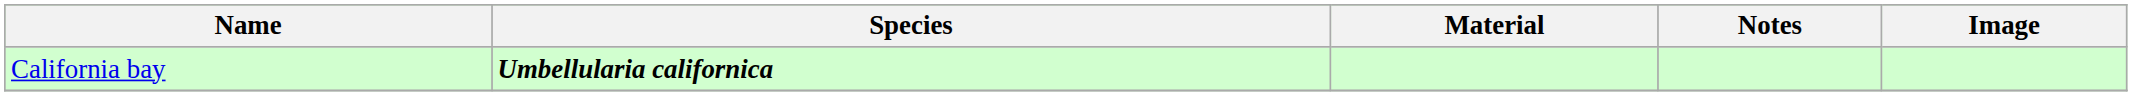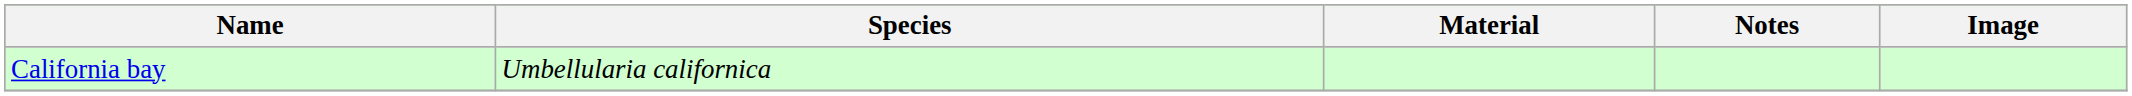 <table class="wikitable" align="center" width="100%" style="background:#D1FFCF;">
 <tr>
 <th>Name</th>
 <th>Species</th>
 <th>Material</th>
 <th>Notes</th>
 <th>Image</th>
 </tr>
 <tr>
 <td><a href='#'>California bay</a></td>
-<td><strong><em>Umbellularia californica</em></strong></td>
+<td><em>Umbellularia californica</em></td>
 <td></td>
 <td></td>
 <td></td>
 </tr>
 <tr>
 </tr>
 </table>
